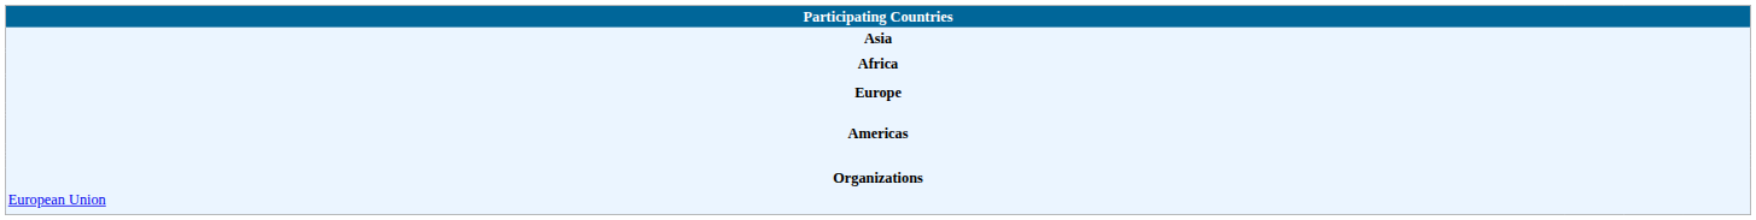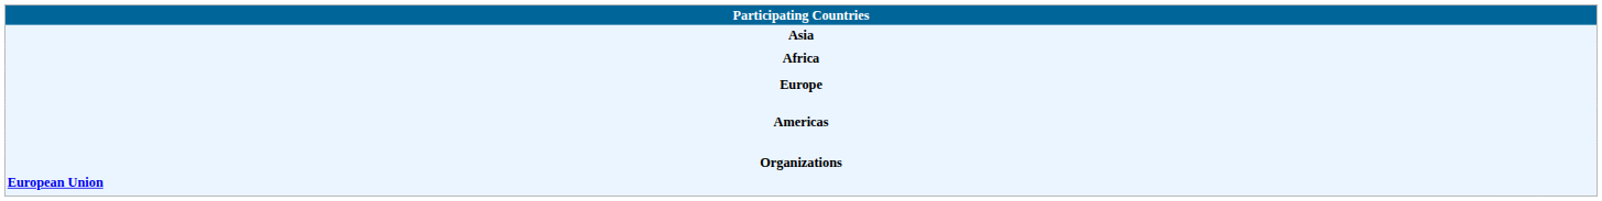 <table align="center" cellpadding="2" cellspacing="0" style="background: #ebf5ff; border: 1px #aaa solid; border-collapse: collapse; font-size: 95%;" width="90%">
 <tr style="color:white; background: #006699;">
 <th colspan="4">Participating Countries</th>
 </tr>
 <tr>
 <th colspan="4">Asia</th>
 </tr>
 <tr>
 <td></td>
 <td></td>
 <td></td>
 <td></td>
 </tr>
 <tr>
 <th colspan="4">Africa</th>
 </tr>
 <tr>
 <td></td>
 <td></td>
 <td></td>
 <td></td>
 </tr>
 <tr>
 <td></td>
 <td></td>
 </tr>
 <tr>
 <th colspan="4">Europe</th>
 </tr>
 <tr>
 <td></td>
 <td></td>
 <td></td>
 <td></td>
 </tr>
 <tr>
 <td></td>
 <td></td>
 <td></td>
 <td></td>
 </tr>
 <tr>
 <td></td>
 <td></td>
 <td></td>
 <td></td>
 </tr>
 <tr>
 <td></td>
 <td></td>
 <td></td>
 <td></td>
 </tr>
 <tr>
 <td></td>
 <td></td>
 <td></td>
 </tr>
 <tr>
 <th colspan="4">Americas</th>
 </tr>
 <tr>
 <td></td>
 <td></td>
 <td></td>
 <td></td>
 </tr>
 <tr>
 <td></td>
 <td></td>
 <td></td>
 <td></td>
 </tr>
 <tr>
 <td></td>
 <td></td>
 <td></td>
 <td></td>
 </tr>
 <tr>
 <td></td>
 <td></td>
 <td></td>
 <td></td>
 </tr>
 <tr>
 <td></td>
 <td></td>
 <td></td>
 <td></td>
 </tr>
 <tr>
 <td></td>
 <td></td>
 </tr>
 <tr>
 <th colspan="4">Organizations</th>
 </tr>
 <tr>
-<td> <a href='#'>European Union</a></td>
+<td><strong> <a href='#'>European Union</a></strong></td>
 </tr>
 <tr style="color:white; background: #006699;">
 </tr>
 <tr>
 <td></td>
 </tr>
 </table>
